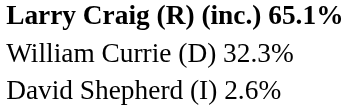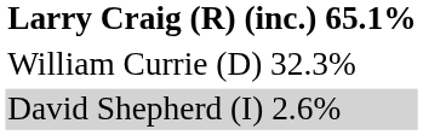 <table>
 <tr>
 <td><strong>Larry Craig (R) (inc.) 65.1%</strong></td>
 </tr>
 <tr>
 <td>William Currie (D) 32.3%</td>
 </tr>
 <tr>
-<td>David Shepherd (I) 2.6%</td>
+<td style="background: lightgrey;">David Shepherd (I) 2.6%</td>
 </tr>
 </table>
